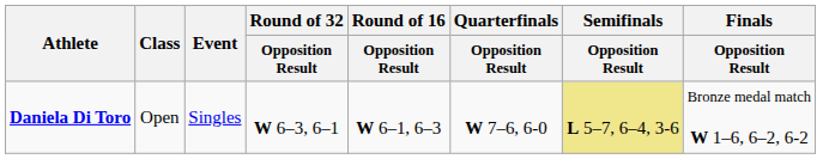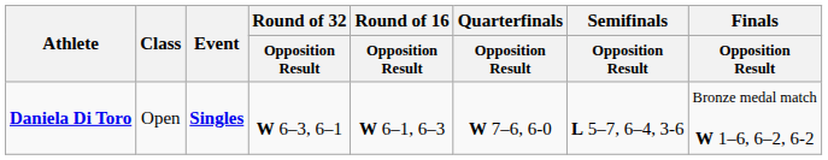 <table class=wikitable style="font-size:90%">
 <tr>
 <th rowspan="2">Athlete</th>
 <th rowspan="2">Class</th>
 <th rowspan="2">Event</th>
 <th>Round of 32</th>
 <th>Round of 16</th>
 <th>Quarterfinals</th>
 <th>Semifinals</th>
 <th>Finals</th>
 </tr>
 <tr>
 <th style="line-height:1em"><small>Opposition<br>Result</small></th>
 <th style="line-height:1em"><small>Opposition<br>Result</small></th>
 <th style="line-height:1em"><small>Opposition<br>Result</small></th>
 <th style="line-height:1em"><small>Opposition<br>Result</small></th>
 <th style="line-height:1em"><small>Opposition<br>Result</small></th>
 </tr>
 <tr>
 <td><strong><a href='#'>Daniela Di Toro</a></strong></td>
 <td style="text-align:center;">Open</td>
-<td><a href='#'>Singles</a></td>
+<td><strong><a href='#'>Singles</a></strong></td>
 <td style="text-align:center;"><br><strong>W</strong> 6–3, 6–1</td>
 <td style="text-align:center;"><br><strong>W</strong> 6–1, 6–3</td>
 <td style="text-align:center;"><br><strong>W</strong> 7–6, 6-0</td>
-<td style="background: khaki; text-align:center;"><br><strong>L</strong> 5–7, 6–4, 3-6</td>
+<td style="text-align:center;"><br><strong>L</strong> 5–7, 6–4, 3-6</td>
 <td style="text-align:center;"><small>Bronze medal match</small><br><br><strong>W</strong> 1–6, 6–2, 6-2</td>
 </tr>
 </table>
